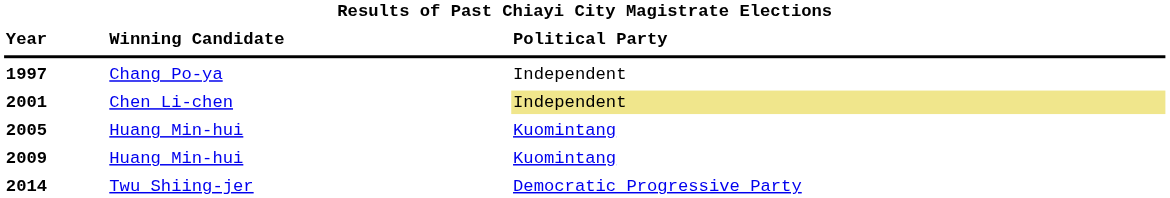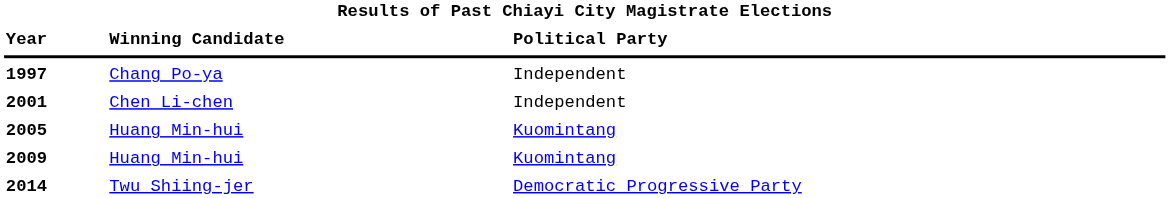 <table id="toc" style="margin:1em auto; width: 90%; font-size: 90%;" cellspacing="3">
 <tr>
 <td colspan="3" align="center"><strong>Results of Past Chiayi City Magistrate Elections</strong></td>
 </tr>
 <tr>
 <td><strong>Year</strong></td>
 <td><strong> Winning Candidate</strong></td>
 <td><strong>Political Party</strong></td>
 </tr>
 <tr>
 <th bgcolor="#000000" colspan="5"></th>
 </tr>
 <tr>
 <td><strong>1997</strong></td>
 <td><a href='#'>Chang Po-ya</a></td>
 <td> Independent</td>
 </tr>
 <tr>
 <td><strong>2001</strong></td>
 <td><a href='#'>Chen Li-chen</a></td>
-<td style="background: khaki;"> Independent</td>
+<td> Independent</td>
 </tr>
 <tr>
 <td><strong>2005</strong></td>
 <td><a href='#'>Huang Min-hui</a></td>
 <td> <a href='#'>Kuomintang</a></td>
 </tr>
 <tr>
 <td><strong>2009</strong></td>
 <td><a href='#'>Huang Min-hui</a></td>
 <td> <a href='#'>Kuomintang</a></td>
 </tr>
 <tr>
 <td><strong>2014</strong></td>
 <td><a href='#'>Twu Shiing-jer</a></td>
 <td> <a href='#'>Democratic Progressive Party</a></td>
 </tr>
 </table>
